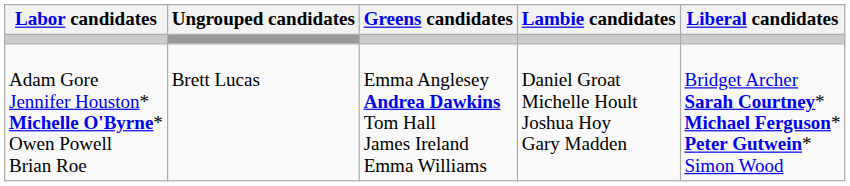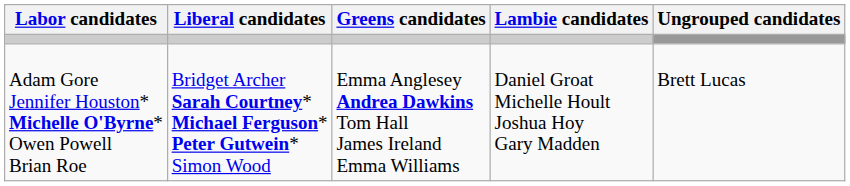 <table class="wikitable">
 <tr>
 <th><a href='#'>Labor</a> candidates</th>
-<th>Ungrouped candidates</th>
+<th><a href='#'>Liberal</a> candidates</th>
 <th><a href='#'>Greens</a> candidates</th>
 <th><a href='#'>Lambie</a> candidates</th>
-<th><a href='#'>Liberal</a> candidates</th>
+<th>Ungrouped candidates</th>
 </tr>
 <tr bgcolor="#cccccc">
 <td></td>
-<td bgcolor="#999999"></td>
 <td></td>
 <td></td>
 <td></td>
+<td bgcolor="#999999"></td>
 </tr>
 <tr>
 <td><br>Adam Gore<br> <a href='#'>Jennifer Houston</a>*<br> <strong><a href='#'>Michelle O'Byrne</a></strong>*<br> Owen Powell<br> Brian Roe</td>
-<td valign=top><br>Brett Lucas</td>
+<td><br><a href='#'>Bridget Archer</a><br> <strong><a href='#'>Sarah Courtney</a></strong>*<br> <strong><a href='#'>Michael Ferguson</a></strong>*<br> <strong><a href='#'>Peter Gutwein</a></strong>*<br> <a href='#'>Simon Wood</a></td>
 <td valign=top><br>Emma Anglesey<br> <strong><a href='#'>Andrea Dawkins</a></strong><br> Tom Hall<br> James Ireland<br> Emma Williams</td>
 <td valign=top><br>Daniel Groat<br> Michelle Hoult<br> Joshua Hoy<br> Gary Madden</td>
-<td><br><a href='#'>Bridget Archer</a><br> <strong><a href='#'>Sarah Courtney</a></strong>*<br> <strong><a href='#'>Michael Ferguson</a></strong>*<br> <strong><a href='#'>Peter Gutwein</a></strong>*<br> <a href='#'>Simon Wood</a></td>
+<td valign=top><br>Brett Lucas</td>
 </tr>
 </table>
